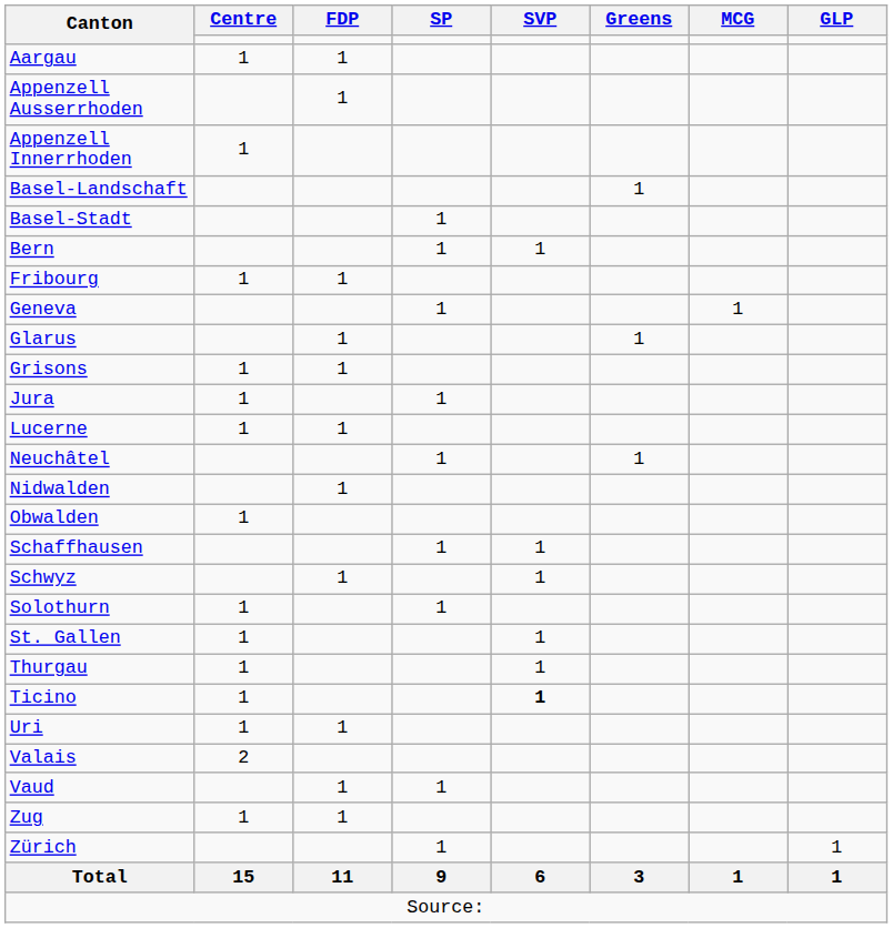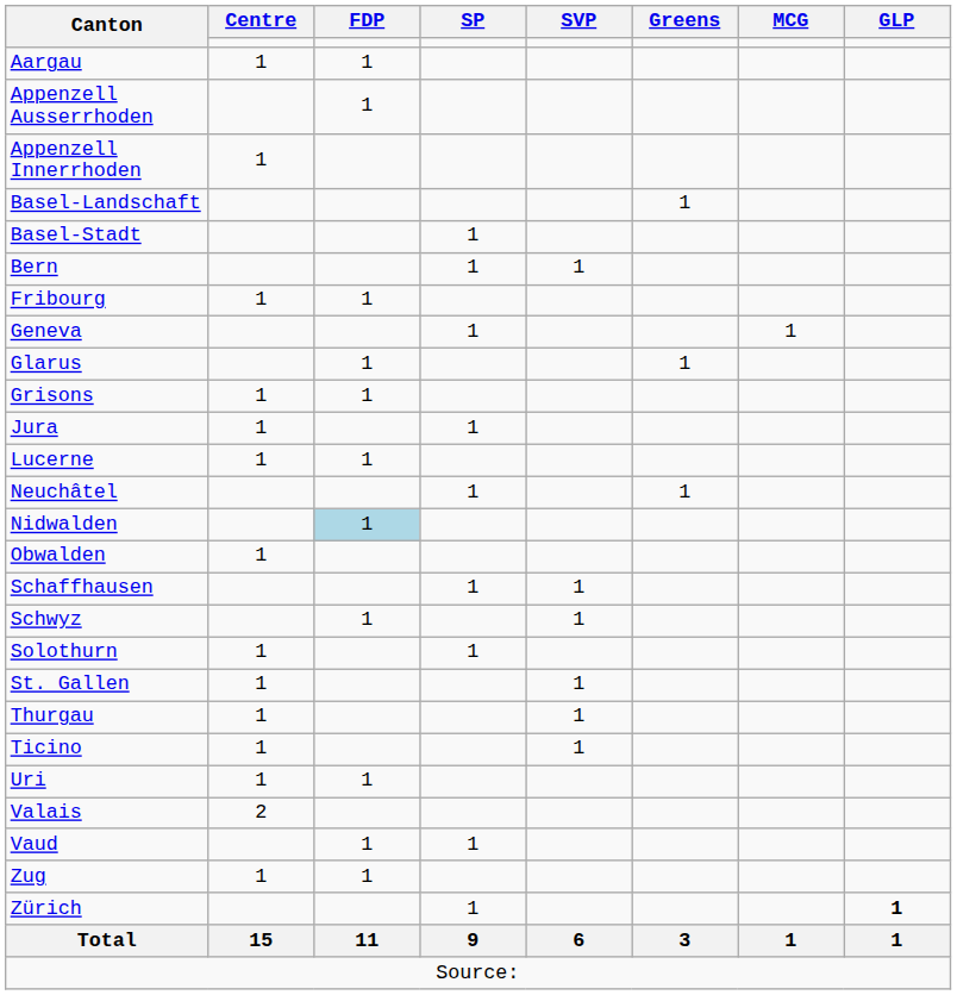 <table class="wikitable" style="text-align:center; font-size:95%">
 <tr style="text-align:center; background-color:#E9E9E9;">
 <th rowspan="2" style="width:120px;">Canton</th>
 <th width=60px><a href='#'>Centre</a></th>
 <th width=60px><a href='#'>FDP</a></th>
 <th width=60px><a href='#'>SP</a></th>
 <th width=60px><a href='#'>SVP</a></th>
 <th width=60px><a href='#'>Greens</a></th>
 <th width=60px><a href='#'>MCG</a></th>
 <th width=60px><a href='#'>GLP</a></th>
 </tr>
 <tr>
 <td style="background:"></td>
 <td style="background:"></td>
 <td style="background:"></td>
 <td style="background:"></td>
 <td style="background:"></td>
 <td style="background:"></td>
 <td style="background:"></td>
 </tr>
 <tr>
 <td align="left"><a href='#'>Aargau</a></td>
 <td>1</td>
 <td>1</td>
 <td></td>
 <td></td>
 <td></td>
 <td></td>
 <td></td>
 </tr>
 <tr>
 <td align="left"><a href='#'>Appenzell Ausserrhoden</a></td>
 <td></td>
 <td>1</td>
 <td></td>
 <td></td>
 <td></td>
 <td></td>
 <td></td>
 </tr>
 <tr>
 <td align="left"><a href='#'>Appenzell Innerrhoden</a></td>
 <td>1</td>
 <td></td>
 <td></td>
 <td></td>
 <td></td>
 <td></td>
 <td></td>
 </tr>
 <tr>
 <td align="left"><a href='#'>Basel-Landschaft</a></td>
 <td></td>
 <td></td>
 <td></td>
 <td></td>
 <td>1</td>
 <td></td>
 <td></td>
 </tr>
 <tr>
 <td align="left"><a href='#'>Basel-Stadt</a></td>
 <td></td>
 <td></td>
 <td>1</td>
 <td></td>
 <td></td>
 <td></td>
 <td></td>
 </tr>
 <tr>
 <td align="left"><a href='#'>Bern</a></td>
 <td></td>
 <td></td>
 <td>1</td>
 <td>1</td>
 <td></td>
 <td></td>
 <td></td>
 </tr>
 <tr>
 <td align="left"><a href='#'>Fribourg</a></td>
 <td>1</td>
 <td>1</td>
 <td></td>
 <td></td>
 <td></td>
 <td></td>
 <td></td>
 </tr>
 <tr>
 <td align="left"><a href='#'>Geneva</a></td>
 <td></td>
 <td></td>
 <td>1</td>
 <td></td>
 <td></td>
 <td>1</td>
 <td></td>
 </tr>
 <tr>
 <td align="left"><a href='#'>Glarus</a></td>
 <td></td>
 <td>1</td>
 <td></td>
 <td></td>
 <td>1</td>
 <td></td>
 <td></td>
 </tr>
 <tr>
 <td align="left"><a href='#'>Grisons</a></td>
 <td>1</td>
 <td>1</td>
 <td></td>
 <td></td>
 <td></td>
 <td></td>
 <td></td>
 </tr>
 <tr>
 <td align="left"><a href='#'>Jura</a></td>
 <td>1</td>
 <td></td>
 <td>1</td>
 <td></td>
 <td></td>
 <td></td>
 <td></td>
 </tr>
 <tr>
 <td align="left"><a href='#'>Lucerne</a></td>
 <td>1</td>
 <td>1</td>
 <td></td>
 <td></td>
 <td></td>
 <td></td>
 <td></td>
 </tr>
 <tr>
 <td align="left"><a href='#'>Neuchâtel</a></td>
 <td></td>
 <td></td>
 <td>1</td>
 <td></td>
 <td>1</td>
 <td></td>
 <td></td>
 </tr>
 <tr>
 <td align="left"><a href='#'>Nidwalden</a></td>
 <td></td>
-<td>1</td>
+<td style="background: lightblue;">1</td>
 <td></td>
 <td></td>
 <td></td>
 <td></td>
 <td></td>
 </tr>
 <tr>
 <td align="left"><a href='#'>Obwalden</a></td>
 <td>1</td>
 <td></td>
 <td></td>
 <td></td>
 <td></td>
 <td></td>
 <td></td>
 </tr>
 <tr>
 <td align="left"><a href='#'>Schaffhausen</a></td>
 <td></td>
 <td></td>
 <td>1</td>
 <td>1</td>
 <td></td>
 <td></td>
 <td></td>
 </tr>
 <tr>
 <td align="left"><a href='#'>Schwyz</a></td>
 <td></td>
 <td>1</td>
 <td></td>
 <td>1</td>
 <td></td>
 <td></td>
 <td></td>
 </tr>
 <tr>
 <td align="left"><a href='#'>Solothurn</a></td>
 <td>1</td>
 <td></td>
 <td>1</td>
 <td></td>
 <td></td>
 <td></td>
 <td></td>
 </tr>
 <tr>
 <td align="left"><a href='#'>St. Gallen</a></td>
 <td>1</td>
 <td></td>
 <td></td>
 <td>1</td>
 <td></td>
 <td></td>
 <td></td>
 </tr>
 <tr>
 <td align="left"><a href='#'>Thurgau</a></td>
 <td>1</td>
 <td></td>
 <td></td>
 <td>1</td>
 <td></td>
 <td></td>
 <td></td>
 </tr>
 <tr>
 <td align="left"><a href='#'>Ticino</a></td>
 <td>1</td>
 <td></td>
 <td></td>
-<td><strong>1</strong></td>
+<td>1</td>
 <td></td>
 <td></td>
 <td></td>
 </tr>
 <tr>
 <td align="left"><a href='#'>Uri</a></td>
 <td>1</td>
 <td>1</td>
 <td></td>
 <td></td>
 <td></td>
 <td></td>
 <td></td>
 </tr>
 <tr>
 <td align="left"><a href='#'>Valais</a></td>
 <td>2</td>
 <td></td>
 <td></td>
 <td></td>
 <td></td>
 <td></td>
 <td></td>
 </tr>
 <tr>
 <td align="left"><a href='#'>Vaud</a></td>
 <td></td>
 <td>1</td>
 <td>1</td>
 <td></td>
 <td></td>
 <td></td>
 <td></td>
 </tr>
 <tr>
 <td align="left"><a href='#'>Zug</a></td>
 <td>1</td>
 <td>1</td>
 <td></td>
 <td></td>
 <td></td>
 <td></td>
 <td></td>
 </tr>
 <tr>
 <td align="left"><a href='#'>Zürich</a></td>
 <td></td>
 <td></td>
 <td>1</td>
 <td></td>
 <td></td>
 <td></td>
-<td>1</td>
+<td><strong>1</strong></td>
 </tr>
 <tr class="sortbottom">
 <th>Total</th>
 <th>15</th>
 <th>11</th>
 <th>9</th>
 <th>6</th>
 <th>3</th>
 <th>1</th>
 <th>1</th>
 </tr>
 <tr class="sortbottom">
 <td colspan="8" align="center">Source: </td>
 </tr>
 </table>
